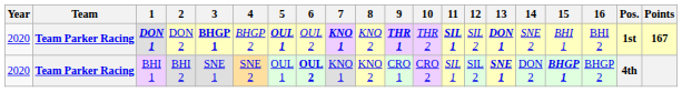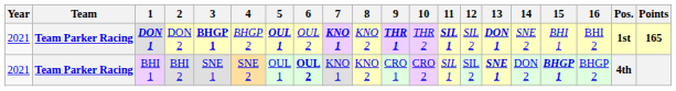 <table class="wikitable" border="1" style="text-align:center; font-size:90%;">
 <tr>
 <th>Year</th>
 <th>Team</th>
 <th>1</th>
 <th>2</th>
 <th>3</th>
 <th>4</th>
 <th>5</th>
 <th>6</th>
 <th>7</th>
 <th>8</th>
 <th>9</th>
 <th>10</th>
 <th>11</th>
 <th>12</th>
 <th>13</th>
 <th>14</th>
 <th>15</th>
 <th>16</th>
 <th>Pos.</th>
 <th>Points</th>
 </tr>
 <tr>
-<td><a href='#'>2020</a></td>
+<td><a href='#'>2021</a></td>
 <th><a href='#'>Team Parker Racing</a></th>
 <td style="background:#DFDFDF;"><strong><em><a href='#'>DON<br>1</a></em></strong><br></td>
 <td style="background:#FFFFBF;"><a href='#'>DON<br>2</a><br></td>
 <td style="background:#FFFFBF;"><strong><a href='#'>BHGP<br>1</a></strong><br></td>
 <td style="background:#FFFFBF;"><em><a href='#'>BHGP<br>2</a></em><br></td>
 <td style="background:#FFFFBF;"><strong><em><a href='#'>OUL<br>1</a></em></strong><br></td>
 <td style="background:#FFFFBF;"><em><a href='#'>OUL<br>2</a></em><br></td>
 <td style="background:#EFCFFF;"><strong><em><a href='#'>KNO<br>1</a></em></strong><br></td>
 <td style="background:#FFFFBF;"><em><a href='#'>KNO<br>2</a></em><br></td>
 <td style="background:#EFCFFF;"><strong><em><a href='#'>THR<br>1</a></em></strong><br></td>
 <td style="background:#EFCFFF;"><em><a href='#'>THR<br>2</a></em><br></td>
 <td style="background:#FFFFBF;"><strong><em><a href='#'>SIL<br>1</a></em></strong><br></td>
 <td style="background:#FFFFBF;"><em><a href='#'>SIL<br>2</a></em><br></td>
 <td style="background:#FFFFBF;"><strong><em><a href='#'>DON<br>1</a></em></strong><br></td>
 <td style="background:#FFFFBF;"><em><a href='#'>SNE<br>2</a></em><br></td>
 <td style="background:#FFFFBF;"><em><a href='#'>BHI<br>1</a></em><br></td>
 <td style="background:#FFFFBF;"><a href='#'>BHI<br>2</a><br></td>
 <th style="background:#FFFFBF;">1st</th>
-<th style="background:#FFFFBF;">167</th>
+<th style="background:#FFFFBF;">165</th>
 </tr>
 <tr>
-<td><a href='#'>2020</a></td>
+<td><a href='#'>2021</a></td>
 <th><a href='#'>Team Parker Racing</a></th>
 <td style="background:#EFCFFF;"><a href='#'>BHI<br>1</a><br></td>
 <td style="background:#DFDFDF;"><a href='#'>BHI<br>2</a><br></td>
 <td style="background:#DFDFDF;"><a href='#'>SNE<br>1</a><br></td>
 <td style="background:#FFDF9F;"><a href='#'>SNE<br>2</a><br></td>
 <td style="background:#DFFFDF;"><a href='#'>OUL<br>1</a><br></td>
 <td style="background:#DFFFDF;"><strong><a href='#'>OUL<br>2</a><br></strong></td>
 <td style="background:#DFDFDF;"><a href='#'>KNO<br>1</a><br></td>
 <td style="background:#FFFFBF;"><a href='#'>KNO<br>2</a><br></td>
 <td style="background:#DFFFDF;"><a href='#'>CRO<br>1</a><br></td>
 <td style="background:#EFCFFF;"><a href='#'>CRO<br>2</a><br></td>
 <td style="background:#FFFFBF;"><em><a href='#'>SIL<br>1</a></em><br></td>
 <td style="background:#DFFFDF;"><a href='#'>SIL<br>2</a><br></td>
 <td style="background:#FFFFBF;"><strong><em><a href='#'>SNE<br>1</a></em></strong><br></td>
 <td style="background:#DFFFDF;"><a href='#'>DON<br>2</a><br></td>
 <td style="background:#DFFFDF;"><strong><em><a href='#'>BHGP<br>1</a></em></strong><br></td>
 <td style="background:#DFFFDF;"><a href='#'>BHGP<br>2</a><br></td>
 <th>4th</th>
 <th></th>
 </tr>
 </table>
